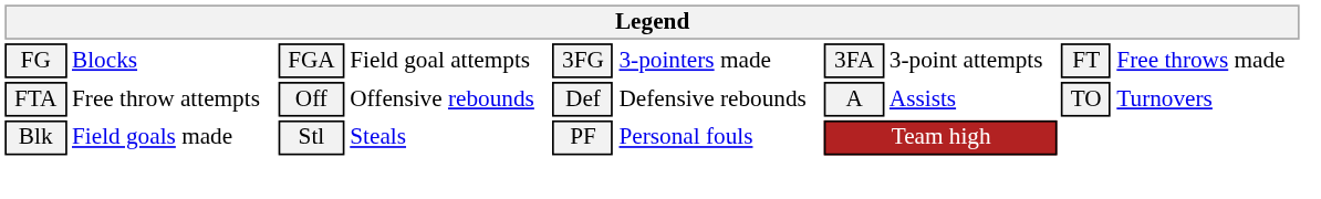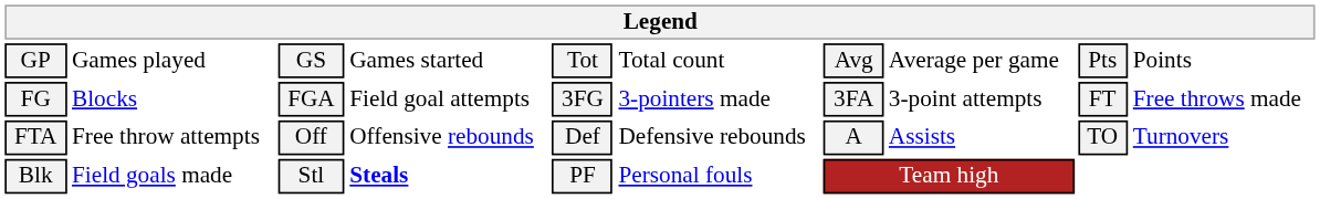 <table class="toccolours" style="font-size: 80%; white-space: nowrap;">
 <tr>
 <th colspan="10" style="background-color: #F2F2F2; border: 1px solid #AAAAAA;">Legend</th>
+</tr>
+<tr>
+<td style="background-color: #F2F2F2; border: 1px solid black; text-align: center;">GP</td>
+<td style="padding-right: 8px">Games played</td>
+<td style="background-color: #F2F2F2; border: 1px solid black; text-align: center;">GS</td>
+<td style="padding-right: 8px">Games started</td>
+<td style="background-color: #F2F2F2; border: 1px solid black; text-align: center;">Tot</td>
+<td style="padding-right: 8px">Total count</td>
+<td style="background-color: #F2F2F2; border: 1px solid black; text-align: center;">Avg</td>
+<td style="padding-right: 8px">Average per game</td>
+<td style="background-color: #F2F2F2; border: 1px solid black; text-align: center;"> Pts </td>
+<td>Points</td>
 </tr>
 <tr>
 <td style="background-color: #F2F2F2; border: 1px solid black; text-align: center;">FG</td>
 <td style="padding-right: 8px"><a href='#'>Blocks</a></td>
 <td style="background-color: #F2F2F2; border: 1px solid black; text-align: center;"> FGA </td>
 <td style="padding-right: 8px">Field goal attempts</td>
 <td style="background-color: #F2F2F2; border: 1px solid black; text-align: center;"> 3FG </td>
 <td style="padding-right: 8px"><a href='#'>3-pointers</a> made</td>
 <td style="background-color: #F2F2F2; border: 1px solid black; text-align: center;"> 3FA </td>
 <td style="padding-right: 8px">3-point attempts</td>
 <td style="background-color: #F2F2F2; border: 1px solid black; text-align: center;">FT</td>
 <td style="padding-right: 8px"><a href='#'>Free throws</a> made</td>
 </tr>
 <tr>
 <td style="background-color: #F2F2F2; border: 1px solid black; text-align: center;"> FTA </td>
 <td style="padding-right: 8px">Free throw attempts</td>
 <td style="background-color: #F2F2F2; border: 1px solid black; text-align: center;">Off</td>
 <td style="padding-right: 8px">Offensive <a href='#'>rebounds</a></td>
 <td style="background-color: #F2F2F2; border: 1px solid black; text-align: center;">Def</td>
 <td style="padding-right: 8px">Defensive rebounds</td>
 <td style="background-color: #F2F2F2; border: 1px solid black; text-align: center;">A</td>
 <td style="padding-right: 8px"><a href='#'>Assists</a></td>
 <td style="background-color: #F2F2F2; border: 1px solid black; text-align: center;"> TO </td>
 <td style="padding-right: 8px"><a href='#'>Turnovers</a></td>
 </tr>
 <tr>
 <td style="background-color: #F2F2F2; border: 1px solid black; text-align: center;">Blk</td>
 <td style="padding-right: 8px"><a href='#'>Field goals</a> made</td>
 <td style="background-color: #F2F2F2; border: 1px solid black; text-align: center;">Stl</td>
-<td style="padding-right: 8px"><a href='#'>Steals</a></td>
+<td style="padding-right: 8px"><strong><a href='#'>Steals</a></strong></td>
 <td style="background-color: #F2F2F2; border: 1px solid black; text-align: center;">PF</td>
 <td style="padding-right: 8px"><a href='#'>Personal fouls</a></td>
 <td colspan="2" style="background:#B22222; text-align: center; color:#ffffff; border: 1px solid black;">Team high</td>
 <td></td>
 <td></td>
 </tr>
 </table>
